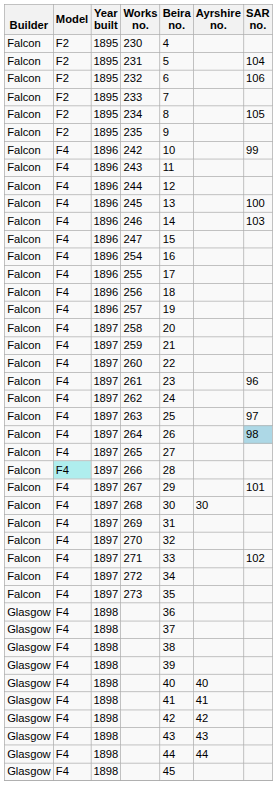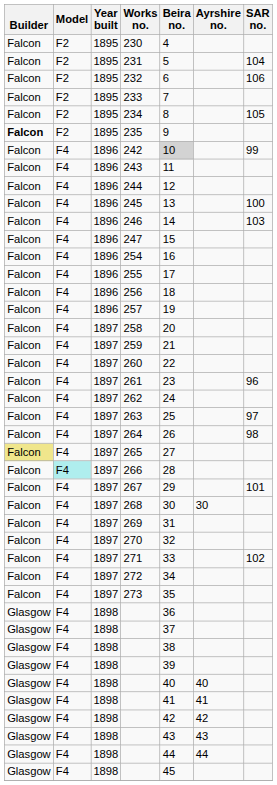 <table class="wikitable collapsible collapsed sortable" style="margin:0.5em auto; font-size:100%;">
 <tr>
 <th><br>Builder</th>
 <th>Model<br></th>
 <th>Year<br>built</th>
 <th>Works<br>no.</th>
 <th>Beira<br>no.</th>
 <th>Ayrshire<br>no.</th>
 <th>SAR<br>no.</th>
 </tr>
 <tr>
 <td>Falcon</td>
 <td>F2</td>
 <td>1895</td>
 <td>230</td>
 <td>4</td>
 <td></td>
 <td></td>
 </tr>
 <tr>
 <td>Falcon</td>
 <td>F2</td>
 <td>1895</td>
 <td>231</td>
 <td>5</td>
 <td></td>
 <td>104</td>
 </tr>
 <tr>
 <td>Falcon</td>
 <td>F2</td>
 <td>1895</td>
 <td>232</td>
 <td>6</td>
 <td></td>
 <td>106</td>
 </tr>
 <tr>
 <td>Falcon</td>
 <td>F2</td>
 <td>1895</td>
 <td>233</td>
 <td>7</td>
 <td></td>
 <td></td>
 </tr>
 <tr>
 <td>Falcon</td>
 <td>F2</td>
 <td>1895</td>
 <td>234</td>
 <td>8</td>
 <td></td>
 <td>105</td>
 </tr>
 <tr>
-<td>Falcon</td>
+<td><strong>Falcon</strong></td>
 <td>F2</td>
 <td>1895</td>
 <td>235</td>
 <td>9</td>
 <td></td>
 <td></td>
 </tr>
 <tr>
 <td>Falcon</td>
 <td>F4</td>
 <td>1896</td>
 <td>242</td>
-<td>10</td>
+<td style="background: lightgrey;">10</td>
 <td></td>
 <td>99</td>
 </tr>
 <tr>
 <td>Falcon</td>
 <td>F4</td>
 <td>1896</td>
 <td>243</td>
 <td>11</td>
 <td></td>
 <td></td>
 </tr>
 <tr>
 <td>Falcon</td>
 <td>F4</td>
 <td>1896</td>
 <td>244</td>
 <td>12</td>
 <td></td>
 <td></td>
 </tr>
 <tr>
 <td>Falcon</td>
 <td>F4</td>
 <td>1896</td>
 <td>245</td>
 <td>13</td>
 <td></td>
 <td>100</td>
 </tr>
 <tr>
 <td>Falcon</td>
 <td>F4</td>
 <td>1896</td>
 <td>246</td>
 <td>14</td>
 <td></td>
 <td>103</td>
 </tr>
 <tr>
 <td>Falcon</td>
 <td>F4</td>
 <td>1896</td>
 <td>247</td>
 <td>15</td>
 <td></td>
 <td></td>
 </tr>
 <tr>
 <td>Falcon</td>
 <td>F4</td>
 <td>1896</td>
 <td>254</td>
 <td>16</td>
 <td></td>
 <td></td>
 </tr>
 <tr>
 <td>Falcon</td>
 <td>F4</td>
 <td>1896</td>
 <td>255</td>
 <td>17</td>
 <td></td>
 <td></td>
 </tr>
 <tr>
 <td>Falcon</td>
 <td>F4</td>
 <td>1896</td>
 <td>256</td>
 <td>18</td>
 <td></td>
 <td></td>
 </tr>
 <tr>
 <td>Falcon</td>
 <td>F4</td>
 <td>1896</td>
 <td>257</td>
 <td>19</td>
 <td></td>
 <td></td>
 </tr>
 <tr>
 <td>Falcon</td>
 <td>F4</td>
 <td>1897</td>
 <td>258</td>
 <td>20</td>
 <td></td>
 <td></td>
 </tr>
 <tr>
 <td>Falcon</td>
 <td>F4</td>
 <td>1897</td>
 <td>259</td>
 <td>21</td>
 <td></td>
 <td></td>
 </tr>
 <tr>
 <td>Falcon</td>
 <td>F4</td>
 <td>1897</td>
 <td>260</td>
 <td>22</td>
 <td></td>
 <td></td>
 </tr>
 <tr>
 <td>Falcon</td>
 <td>F4</td>
 <td>1897</td>
 <td>261</td>
 <td>23</td>
 <td></td>
 <td>96</td>
 </tr>
 <tr>
 <td>Falcon</td>
 <td>F4</td>
 <td>1897</td>
 <td>262</td>
 <td>24</td>
 <td></td>
 <td></td>
 </tr>
 <tr>
 <td>Falcon</td>
 <td>F4</td>
 <td>1897</td>
 <td>263</td>
 <td>25</td>
 <td></td>
 <td>97</td>
 </tr>
 <tr>
 <td>Falcon</td>
 <td>F4</td>
 <td>1897</td>
 <td>264</td>
 <td>26</td>
 <td></td>
-<td style="background: lightblue;">98</td>
+<td>98</td>
 </tr>
 <tr>
-<td>Falcon</td>
+<td style="background: khaki;">Falcon</td>
 <td>F4</td>
 <td>1897</td>
 <td>265</td>
 <td>27</td>
 <td></td>
 <td></td>
 </tr>
 <tr>
 <td>Falcon</td>
 <td style="background: paleturquoise;">F4</td>
 <td>1897</td>
 <td>266</td>
 <td>28</td>
 <td></td>
 <td></td>
 </tr>
 <tr>
 <td>Falcon</td>
 <td>F4</td>
 <td>1897</td>
 <td>267</td>
 <td>29</td>
 <td></td>
 <td>101</td>
 </tr>
 <tr>
 <td>Falcon</td>
 <td>F4</td>
 <td>1897</td>
 <td>268</td>
 <td>30</td>
 <td>30</td>
 <td></td>
 </tr>
 <tr>
 <td>Falcon</td>
 <td>F4</td>
 <td>1897</td>
 <td>269</td>
 <td>31</td>
 <td></td>
 <td></td>
 </tr>
 <tr>
 <td>Falcon</td>
 <td>F4</td>
 <td>1897</td>
 <td>270</td>
 <td>32</td>
 <td></td>
 <td></td>
 </tr>
 <tr>
 <td>Falcon</td>
 <td>F4</td>
 <td>1897</td>
 <td>271</td>
 <td>33</td>
 <td></td>
 <td>102</td>
 </tr>
 <tr>
 <td>Falcon</td>
 <td>F4</td>
 <td>1897</td>
 <td>272</td>
 <td>34</td>
 <td></td>
 <td></td>
 </tr>
 <tr>
 <td>Falcon</td>
 <td>F4</td>
 <td>1897</td>
 <td>273</td>
 <td>35</td>
 <td></td>
 <td></td>
 </tr>
 <tr>
 <td>Glasgow</td>
 <td>F4</td>
 <td>1898</td>
 <td></td>
 <td>36</td>
 <td></td>
 <td></td>
 </tr>
 <tr>
 <td>Glasgow</td>
 <td>F4</td>
 <td>1898</td>
 <td></td>
 <td>37</td>
 <td></td>
 <td></td>
 </tr>
 <tr>
 <td>Glasgow</td>
 <td>F4</td>
 <td>1898</td>
 <td></td>
 <td>38</td>
 <td></td>
 <td></td>
 </tr>
 <tr>
 <td>Glasgow</td>
 <td>F4</td>
 <td>1898</td>
 <td></td>
 <td>39</td>
 <td></td>
 <td></td>
 </tr>
 <tr>
 <td>Glasgow</td>
 <td>F4</td>
 <td>1898</td>
 <td></td>
 <td>40</td>
 <td>40</td>
 <td></td>
 </tr>
 <tr>
 <td>Glasgow</td>
 <td>F4</td>
 <td>1898</td>
 <td></td>
 <td>41</td>
 <td>41</td>
 <td></td>
 </tr>
 <tr>
 <td>Glasgow</td>
 <td>F4</td>
 <td>1898</td>
 <td></td>
 <td>42</td>
 <td>42</td>
 <td></td>
 </tr>
 <tr>
 <td>Glasgow</td>
 <td>F4</td>
 <td>1898</td>
 <td></td>
 <td>43</td>
 <td>43</td>
 <td></td>
 </tr>
 <tr>
 <td>Glasgow</td>
 <td>F4</td>
 <td>1898</td>
 <td></td>
 <td>44</td>
 <td>44</td>
 <td></td>
 </tr>
 <tr>
 <td>Glasgow</td>
 <td>F4</td>
 <td>1898</td>
 <td></td>
 <td>45</td>
 <td></td>
 <td></td>
 </tr>
 <tr>
 </tr>
 </table>
